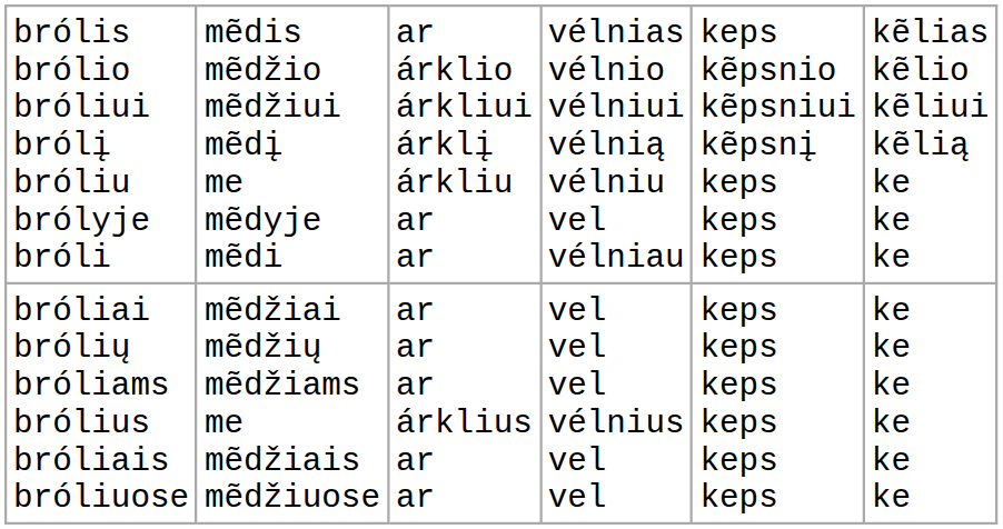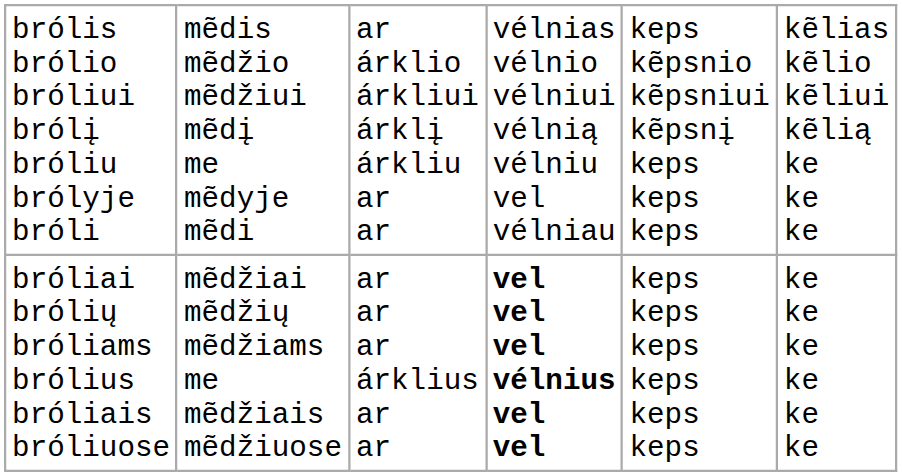 <table class=wikitable style="font-family: monospace; background:#FFFFFF">
 <tr>
 <td>brólis<br>brólio<br>bróliui<br>brólį<br>bróliu<br>brólyje<br>bróli</td>
 <td>mẽdis<br>mẽdžio<br>mẽdžiui<br>mẽdį<br>me<br>mẽdyje<br>mẽdi</td>
 <td>ar<br>árklio<br>árkliui<br>árklį<br>árkliu<br>ar<br>ar</td>
 <td>vélnias<br>vélnio<br>vélniui<br>vélnią<br>vélniu<br>vel<br>vélniau</td>
 <td>keps<br>kẽpsnio<br>kẽpsniui<br>kẽpsnį<br>keps<br>keps<br>keps</td>
 <td>kẽlias<br>kẽlio<br>kẽliui<br>kẽlią<br>ke<br>ke<br>ke</td>
 </tr>
 <tr ̀   ́    ̃>
 <td>bróliai<br>brólių<br>bróliams<br>brólius<br>bróliais<br>bróliuose</td>
 <td>mẽdžiai<br>mẽdžių<br>mẽdžiams<br>me<br>mẽdžiais<br>mẽdžiuose</td>
 <td>ar<br>ar<br>ar<br>árklius<br>ar<br>ar</td>
-<td>vel<br>vel<br>vel<br>vélnius<br>vel<br>vel</td>
+<td><strong>vel<br>vel<br>vel<br>vélnius<br>vel<br>vel</strong></td>
 <td>keps<br>keps<br>keps<br>keps<br>keps<br>keps</td>
 <td>ke<br>ke<br>ke<br>ke<br>ke<br>ke</td>
 </tr>
 </table>
